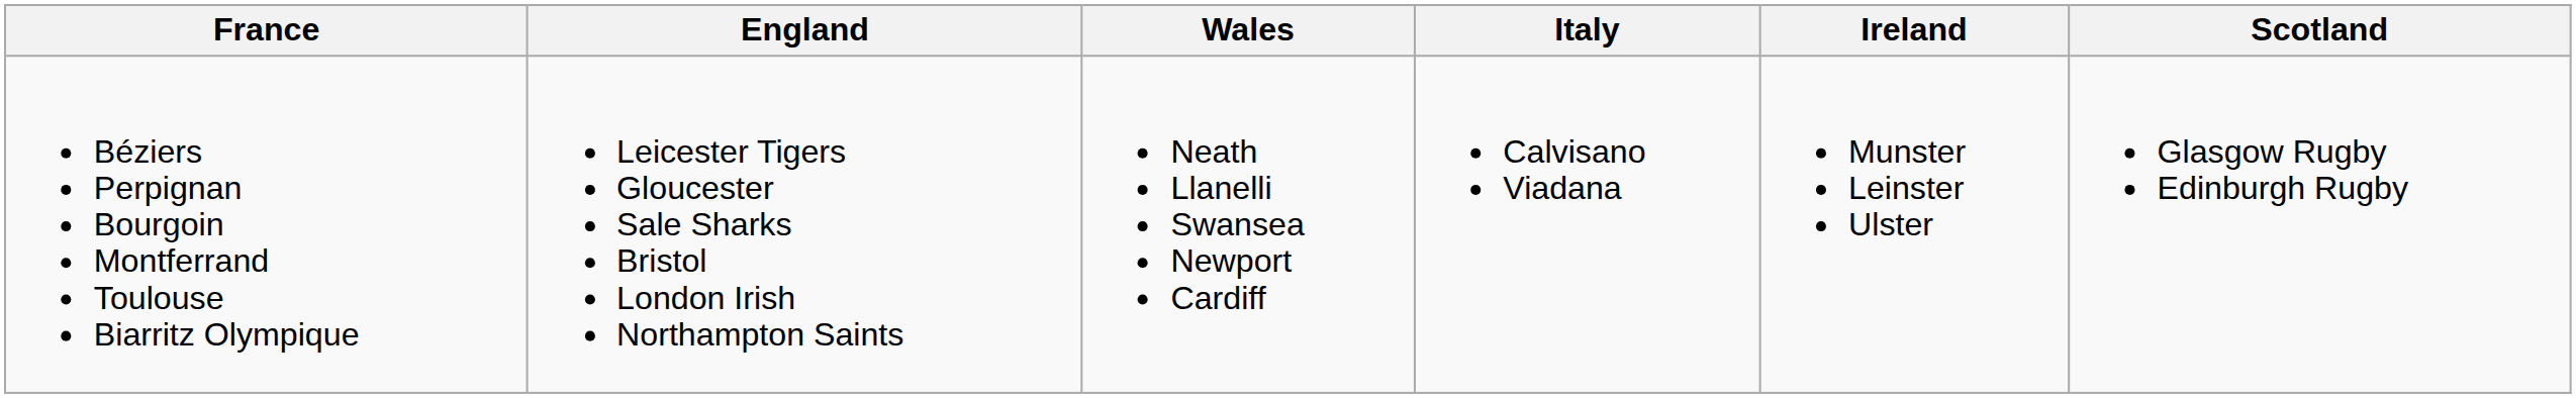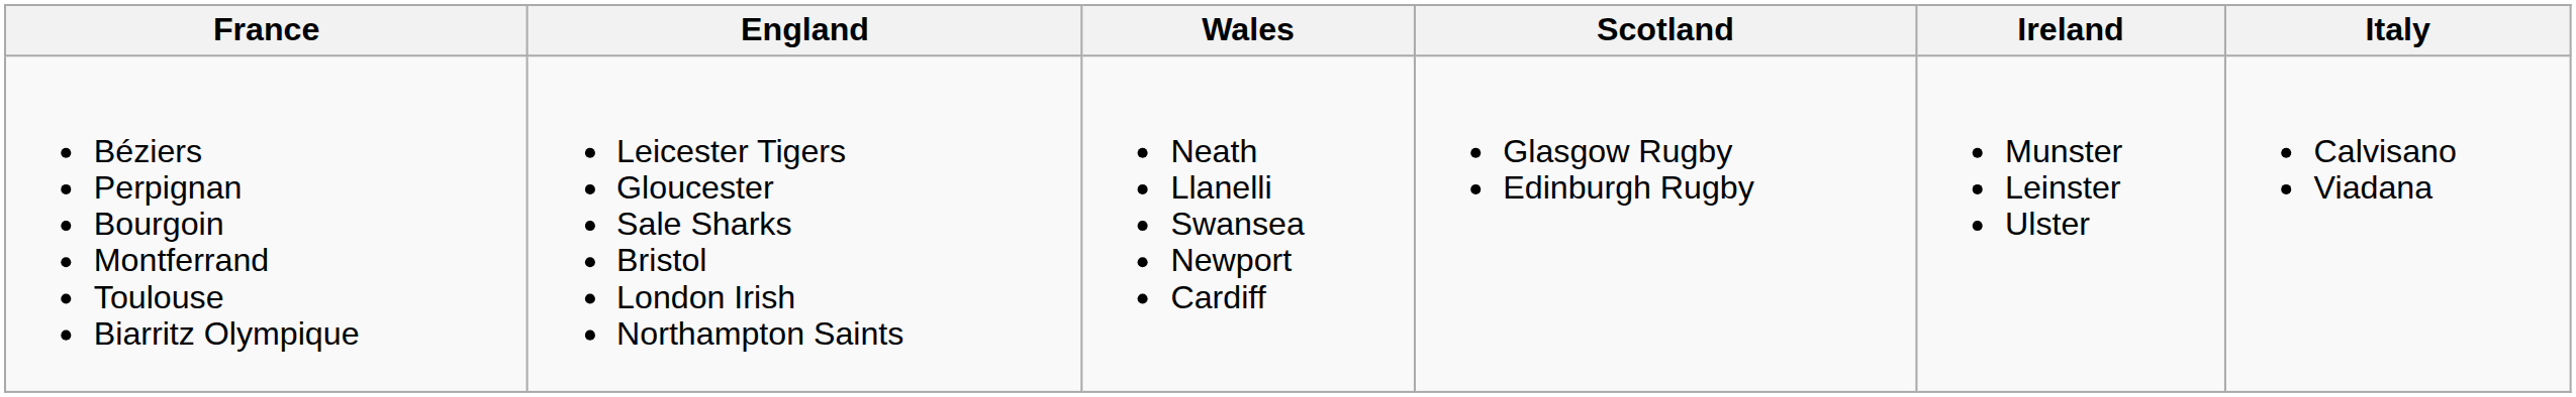 <table class="wikitable" width=100%>
 <tr>
 <th>France</th>
 <th>England</th>
 <th>Wales</th>
+<th>Scotland</th>
+<th>Ireland</th>
 <th>Italy</th>
-<th>Ireland</th>
-<th>Scotland</th>
 </tr>
 <tr valign=top>
 <td><br><ul><li> Béziers</li><li> Perpignan</li><li> Bourgoin</li><li> Montferrand</li><li> Toulouse</li><li> Biarritz Olympique</li></ul></td>
 <td><br><ul><li> Leicester Tigers</li><li> Gloucester</li><li> Sale Sharks</li><li> Bristol</li><li> London Irish</li><li> Northampton Saints</li></ul></td>
 <td><br><ul><li> Neath</li><li> Llanelli</li><li> Swansea</li><li> Newport</li><li> Cardiff</li></ul></td>
+<td><br><ul><li> Glasgow Rugby</li><li> Edinburgh Rugby</li></ul></td>
+<td><br><ul><li> Munster</li><li> Leinster</li><li> Ulster</li></ul></td>
 <td><br><ul><li> Calvisano</li><li> Viadana</li></ul></td>
-<td><br><ul><li> Munster</li><li> Leinster</li><li> Ulster</li></ul></td>
-<td><br><ul><li> Glasgow Rugby</li><li> Edinburgh Rugby</li></ul></td>
 </tr>
 </table>
